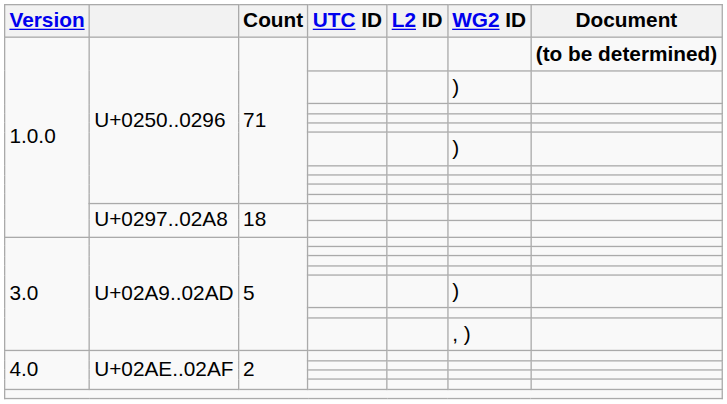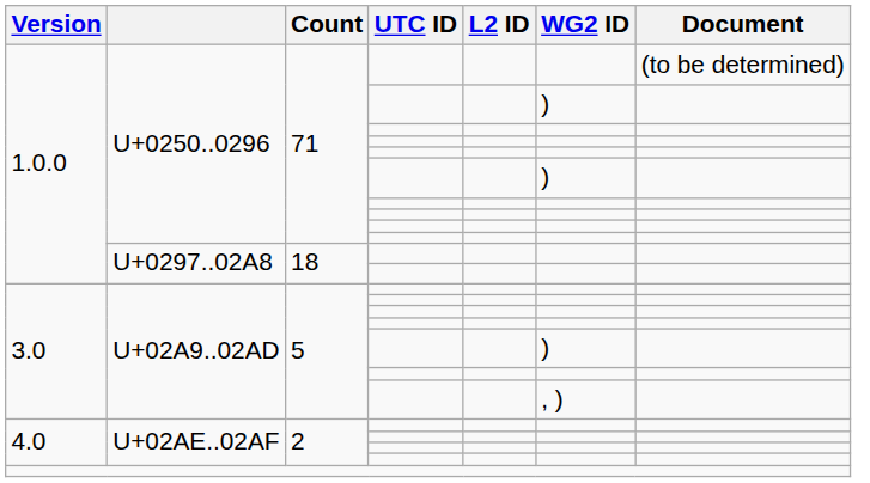 <table class="wikitable collapsible collapsed sticky-header">
 <tr>
 <th><a href='#'>Version</a></th>
 <th></th>
 <th>Count</th>
 <th><a href='#'>UTC</a> ID</th>
 <th><a href='#'>L2</a> ID</th>
 <th><a href='#'>WG2</a> ID</th>
 <th>Document</th>
 </tr>
 <tr>
 <td rowspan="12">1.0.0</td>
 <td rowspan="10">U+0250..0296</td>
 <td rowspan="10">71</td>
 <td></td>
 <td></td>
 <td></td>
-<td><strong>(to be determined)</strong></td>
+<td>(to be determined)</td>
 </tr>
 <tr>
 <td></td>
 <td></td>
 <td> )</td>
 <td></td>
 </tr>
 <tr>
 <td></td>
 <td></td>
 <td></td>
 <td></td>
 </tr>
 <tr>
 <td></td>
 <td></td>
 <td></td>
 <td></td>
 </tr>
 <tr>
 <td></td>
 <td></td>
 <td></td>
 <td></td>
 </tr>
 <tr>
 <td></td>
 <td></td>
 <td> )</td>
 <td></td>
 </tr>
 <tr>
 <td></td>
 <td></td>
 <td></td>
 <td></td>
 </tr>
 <tr>
 <td></td>
 <td></td>
 <td></td>
 <td></td>
 </tr>
 <tr>
 <td></td>
 <td></td>
 <td></td>
 <td></td>
 </tr>
 <tr>
 <td></td>
 <td></td>
 <td></td>
 <td></td>
 </tr>
 <tr>
 <td rowspan="2">U+0297..02A8</td>
 <td rowspan="2">18</td>
 <td></td>
 <td></td>
 <td></td>
 <td></td>
 </tr>
 <tr>
 <td></td>
 <td></td>
 <td></td>
 <td></td>
 </tr>
 <tr>
 <td rowspan="7">3.0</td>
 <td rowspan="7">U+02A9..02AD</td>
 <td rowspan="7">5</td>
 <td></td>
 <td></td>
 <td></td>
 <td></td>
 </tr>
 <tr>
 <td></td>
 <td></td>
 <td></td>
 <td></td>
 </tr>
 <tr>
 <td></td>
 <td></td>
 <td></td>
 <td></td>
 </tr>
 <tr>
 <td></td>
 <td></td>
 <td></td>
 <td></td>
 </tr>
 <tr>
 <td></td>
 <td></td>
 <td> )</td>
 <td></td>
 </tr>
 <tr>
 <td></td>
 <td></td>
 <td></td>
 <td></td>
 </tr>
 <tr>
 <td></td>
 <td></td>
 <td> , )</td>
 <td></td>
 </tr>
 <tr>
 <td rowspan="4">4.0</td>
 <td rowspan="4">U+02AE..02AF</td>
 <td rowspan="4">2</td>
 <td></td>
 <td></td>
 <td></td>
 <td></td>
 </tr>
 <tr>
 <td></td>
 <td></td>
 <td></td>
 <td></td>
 </tr>
 <tr>
 <td></td>
 <td></td>
 <td></td>
 <td></td>
 </tr>
 <tr>
 <td></td>
 <td></td>
 <td></td>
 <td></td>
 </tr>
 <tr class="sortbottom">
 <td colspan="7"></td>
 </tr>
 </table>
